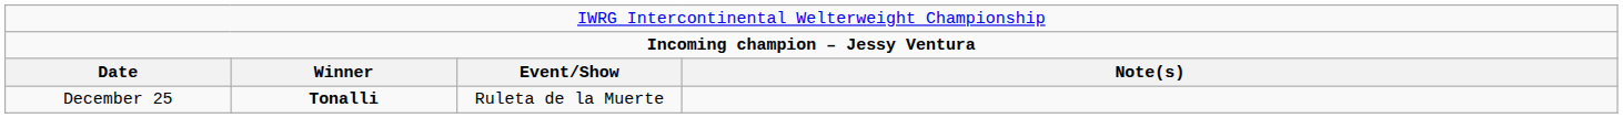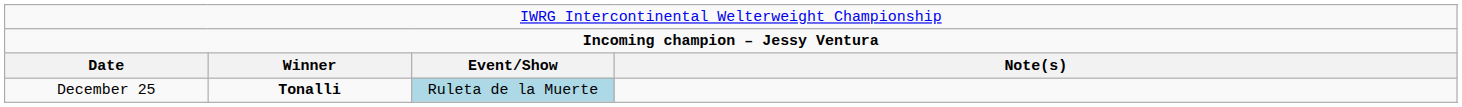 <table class="wikitable" style="text-align:center; width:100%;">
 <tr>
 <td colspan="4" style="text-align: center;"><a href='#'>IWRG Intercontinental Welterweight Championship</a></td>
 </tr>
 <tr>
 <td colspan="4" style="text-align: center;"><strong>Incoming champion – Jessy Ventura</strong></td>
 </tr>
 <tr>
 <th width=14%>Date</th>
 <th width=14%>Winner</th>
 <th width=14%>Event/Show</th>
 <th width=58%>Note(s)</th>
 </tr>
 <tr>
 <td>December 25</td>
 <td><strong>Tonalli</strong></td>
-<td>Ruleta de la Muerte</td>
+<td style="background: lightblue;">Ruleta de la Muerte</td>
 <td></td>
 </tr>
 </table>
